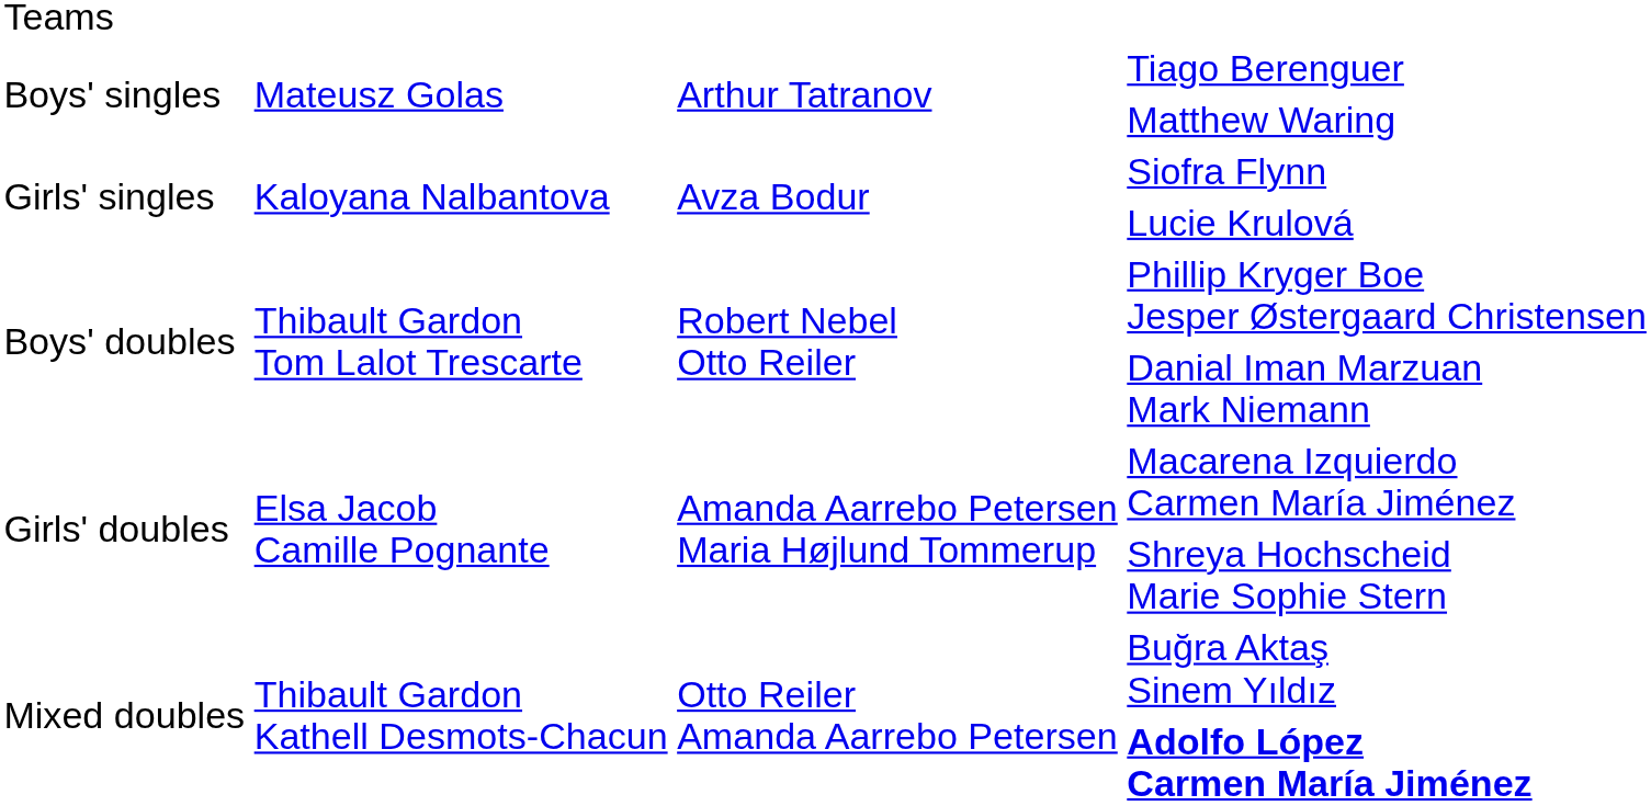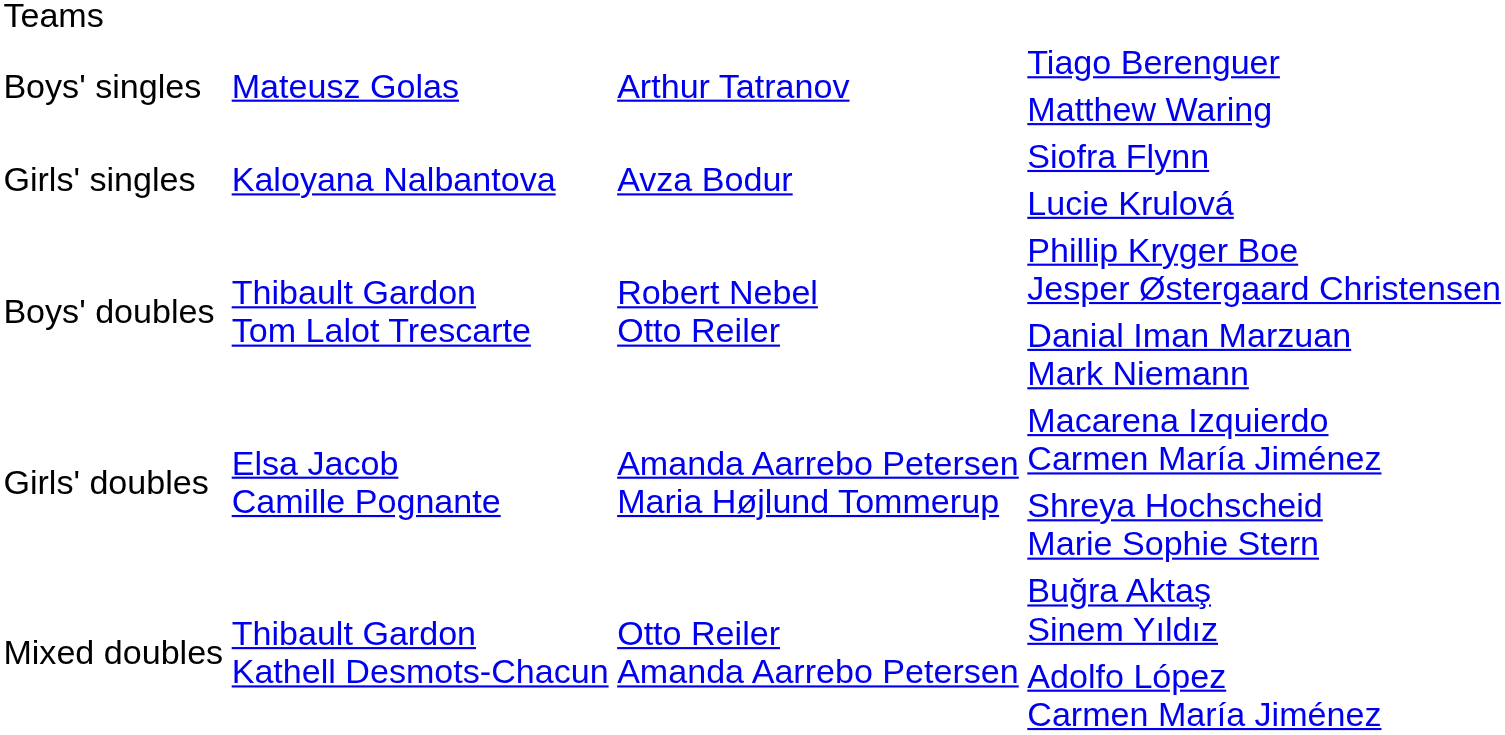 <table>
 <tr>
 <td rowspan=2>Teams<br></td>
 <td rowspan=2></td>
 <td rowspan=2></td>
 <td></td>
 </tr>
 <tr>
 <td></td>
 </tr>
 <tr>
 <td rowspan=2>Boys' singles<br></td>
 <td rowspan=2> <a href='#'>Mateusz Golas</a></td>
 <td rowspan=2> <a href='#'>Arthur Tatranov</a></td>
 <td> <a href='#'>Tiago Berenguer</a></td>
 </tr>
 <tr>
 <td> <a href='#'>Matthew Waring</a></td>
 </tr>
 <tr>
 <td rowspan=2>Girls' singles<br></td>
 <td rowspan=2> <a href='#'>Kaloyana Nalbantova</a></td>
 <td rowspan=2> <a href='#'>Avza Bodur</a></td>
 <td> <a href='#'>Siofra Flynn</a></td>
 </tr>
 <tr>
 <td> <a href='#'>Lucie Krulová</a></td>
 </tr>
 <tr>
 <td rowspan=2>Boys' doubles<br></td>
 <td rowspan=2> <a href='#'>Thibault Gardon</a><br> <a href='#'>Tom Lalot Trescarte</a></td>
 <td rowspan=2> <a href='#'>Robert Nebel</a><br> <a href='#'>Otto Reiler</a></td>
 <td> <a href='#'>Phillip Kryger Boe</a><br> <a href='#'>Jesper Østergaard Christensen</a></td>
 </tr>
 <tr>
 <td> <a href='#'>Danial Iman Marzuan</a><br> <a href='#'>Mark Niemann</a></td>
 </tr>
 <tr>
 <td rowspan=2>Girls' doubles<br></td>
 <td rowspan=2> <a href='#'>Elsa Jacob</a><br> <a href='#'>Camille Pognante</a></td>
 <td rowspan=2> <a href='#'>Amanda Aarrebo Petersen</a><br> <a href='#'>Maria Højlund Tommerup</a></td>
 <td> <a href='#'>Macarena Izquierdo</a><br> <a href='#'>Carmen María Jiménez</a></td>
 </tr>
 <tr>
 <td> <a href='#'>Shreya Hochscheid</a><br> <a href='#'>Marie Sophie Stern</a></td>
 </tr>
 <tr>
 <td rowspan=2>Mixed doubles<br></td>
 <td rowspan=2> <a href='#'>Thibault Gardon</a><br> <a href='#'>Kathell Desmots-Chacun</a></td>
 <td rowspan=2> <a href='#'>Otto Reiler</a><br> <a href='#'>Amanda Aarrebo Petersen</a></td>
 <td> <a href='#'>Buğra Aktaş</a><br> <a href='#'>Sinem Yıldız</a></td>
 </tr>
 <tr>
-<td><strong> <a href='#'>Adolfo López</a><br> <a href='#'>Carmen María Jiménez</a></strong></td>
+<td> <a href='#'>Adolfo López</a><br> <a href='#'>Carmen María Jiménez</a></td>
 </tr>
 </table>
